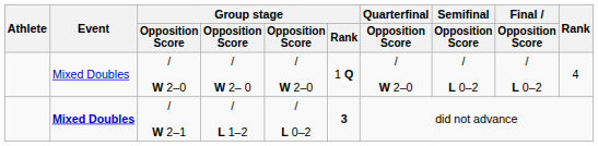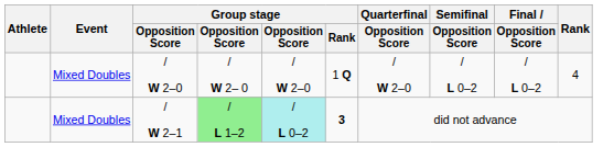 <table class="wikitable" style="font-size:90%">
 <tr>
 <th rowspan=2>Athlete</th>
 <th rowspan=2>Event</th>
 <th colspan=4>Group stage</th>
 <th>Quarterfinal</th>
 <th>Semifinal</th>
 <th>Final / </th>
 <th rowspan=2>Rank</th>
 </tr>
 <tr style="font-size:95%">
 <th>Opposition<br>Score</th>
 <th>Opposition<br>Score</th>
 <th>Opposition<br>Score</th>
 <th>Rank</th>
 <th>Opposition<br>Score</th>
 <th>Opposition<br>Score</th>
 <th>Opposition<br>Score</th>
 </tr>
 <tr align=center>
 <td align=left><br></td>
 <td align=left><a href='#'>Mixed Doubles</a></td>
 <td>/<br><br><strong>W</strong> 2–0</td>
 <td>/<br><br><strong>W</strong> 2– 0</td>
 <td>/<br> <br> <strong>W</strong> 2–0</td>
 <td>1 <strong>Q</strong></td>
 <td>/<br><br><strong>W</strong> 2–0</td>
 <td>/<br><br><strong>L</strong> 0–2</td>
 <td>/<br><br><strong>L</strong> 0–2</td>
 <td>4</td>
 </tr>
 <tr align=center>
 <td align=left><br></td>
-<td align=left><strong><a href='#'>Mixed Doubles</a></strong></td>
+<td align=left><a href='#'>Mixed Doubles</a></td>
 <td>/<br><br><strong>W</strong> 2–1</td>
-<td>/<br><br><strong>L</strong> 1–2</td>
-<td>/<br><br><strong>L</strong> 0–2</td>
+<td style="background: lightgreen;">/<br><br><strong>L</strong> 1–2</td>
+<td style="background: paleturquoise;">/<br><br><strong>L</strong> 0–2</td>
 <td><strong>3</strong></td>
 <td colspan=4>did not advance</td>
 </tr>
 </table>
